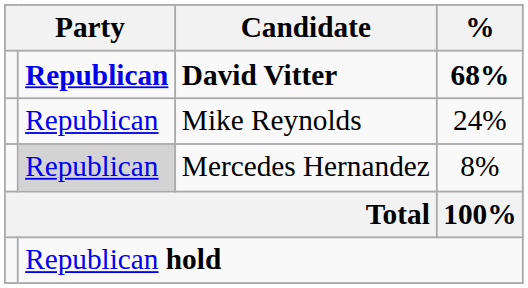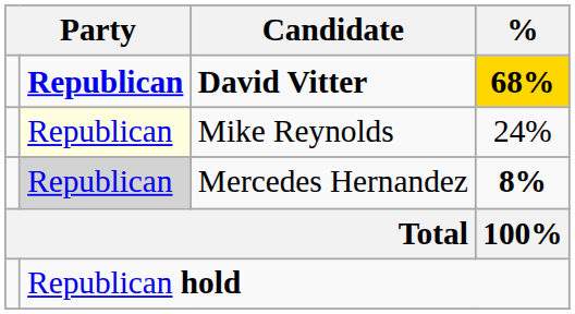 <table class="wikitable">
 <tr>
 <th colspan=2>Party</th>
 <th>Candidate</th>
 <th>%</th>
 </tr>
 <tr>
 <td></td>
 <td><strong><a href='#'>Republican</a></strong></td>
 <td><strong>David Vitter</strong></td>
-<td align=center><strong>68%</strong></td>
+<td align=center style="background: gold;"><strong>68%</strong></td>
 </tr>
 <tr>
 <td></td>
-<td><a href='#'>Republican</a></td>
+<td style="background: lightyellow;"><a href='#'>Republican</a></td>
 <td>Mike Reynolds</td>
 <td align=center>24%</td>
 </tr>
 <tr>
 <td></td>
 <td style="background: lightgrey;"><a href='#'>Republican</a></td>
 <td>Mercedes Hernandez</td>
-<td align=center>8%</td>
+<td align=center><strong>8%</strong></td>
 </tr>
 <tr>
 <th colspan=3; style="text-align:right;">Total</th>
 <th align=center>100%</th>
 </tr>
 <tr>
 <td></td>
 <td colspan=6; style="text-align:left;"><a href='#'>Republican</a> <strong>hold</strong></td>
 </tr>
 </table>
